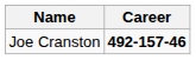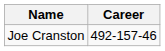 <table class="wikitable sortable" style="text-align:center;">
 <tr>
 <th>Name</th>
 <th>Career</th>
 </tr>
 <tr>
 <td>Joe Cranston</td>
-<td><strong>492-157-46</strong></td>
+<td>492-157-46</td>
 </tr>
 </table>
